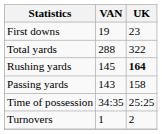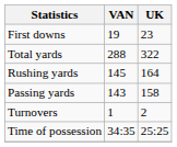 <table class="wikitable" style="float: left;">
 <tr>
 <th>Statistics</th>
 <th>VAN</th>
 <th>UK</th>
 </tr>
 <tr>
 <td>First downs</td>
 <td>19</td>
 <td>23</td>
 </tr>
 <tr>
 <td>Total yards</td>
 <td>288</td>
 <td>322</td>
 </tr>
 <tr>
 <td>Rushing yards</td>
 <td>145</td>
-<td><strong>164</strong></td>
+<td>164</td>
 </tr>
 <tr>
 <td>Passing yards</td>
 <td>143</td>
 <td>158</td>
 </tr>
 <tr>
+<td>Turnovers</td>
+<td>1</td>
+<td>2</td>
+</tr>
+<tr>
 <td>Time of possession</td>
 <td>34:35</td>
 <td>25:25</td>
 </tr>
 <tr>
-<td>Turnovers</td>
-<td>1</td>
-<td>2</td>
-</tr>
-<tr>
 </tr>
 </table>
